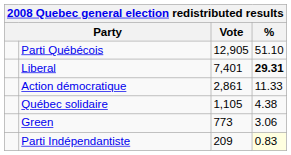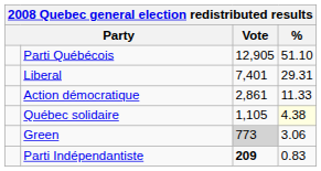 <table class="wikitable">
 <tr>
 <th colspan="4"><a href='#'>2008 Quebec general election</a> redistributed results</th>
 </tr>
 <tr>
 <th bgcolor="#DDDDFF" width="230px" colspan="2">Party</th>
 <th bgcolor="#DDDDFF" width="50px">Vote</th>
 <th bgcolor="#DDDDFF" width="30px">%</th>
 </tr>
 <tr>
 <td> </td>
 <td><a href='#'>Parti Québécois</a></td>
 <td>12,905</td>
 <td>51.10</td>
 </tr>
 <tr>
 <td> </td>
 <td><a href='#'>Liberal</a></td>
 <td>7,401</td>
-<td><strong>29.31</strong></td>
+<td>29.31</td>
 </tr>
 <tr>
 <td> </td>
 <td><a href='#'>Action démocratique</a></td>
 <td>2,861</td>
 <td>11.33</td>
 </tr>
 <tr>
 <td> </td>
 <td><a href='#'>Québec solidaire</a></td>
 <td>1,105</td>
-<td>4.38</td>
+<td style="background: lightyellow;">4.38</td>
 </tr>
 <tr>
 <td> </td>
 <td><a href='#'>Green</a></td>
-<td>773</td>
+<td style="background: lightgrey;">773</td>
 <td>3.06</td>
 </tr>
 <tr>
 <td> </td>
 <td><a href='#'>Parti Indépendantiste</a></td>
-<td>209</td>
-<td style="background: lightyellow;">0.83</td>
+<td><strong>209</strong></td>
+<td>0.83</td>
 </tr>
 </table>
